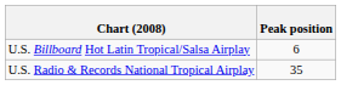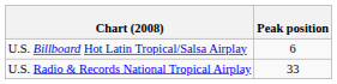 <table class="wikitable">
 <tr>
 <th><br>Chart (2008)</th>
 <th><br>Peak position</th>
 </tr>
 <tr>
 <td>U.S. <em><a href='#'>Billboard</a></em> <a href='#'>Hot Latin Tropical/Salsa Airplay</a></td>
 <td align="center">6</td>
 </tr>
 <tr>
 <td>U.S. <a href='#'>Radio & Records National Tropical Airplay</a></td>
-<td align="center">35</td>
+<td align="center">33</td>
 </tr>
 </table>
